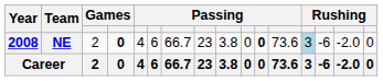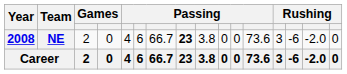 <table class="wikitable" style="text-align:center;">
 <tr>
 <th rowspan="2">Year</th>
 <th rowspan="2">Team</th>
 <th colspan="2">Games</th>
 <th colspan="8">Passing</th>
 <th colspan="4">Rushing</th>
 </tr>
 <tr>
 <th></th>
 <th></th>
 <th></th>
 <th></th>
 <th></th>
 <th></th>
 <th></th>
 <th></th>
 <th></th>
 <th></th>
 <th></th>
 <th></th>
 <th></th>
 <th></th>
 </tr>
 <tr>
 <th><a href='#'>2008</a></th>
 <th><a href='#'>NE</a></th>
 <td>2</td>
-<td><strong>0</strong></td>
+<td>0</td>
 <td>4</td>
 <td>6</td>
 <td>66.7</td>
-<td>23</td>
+<td><strong>23</strong></td>
 <td>3.8</td>
 <td>0</td>
-<td><strong>0</strong></td>
+<td>0</td>
 <td>73.6</td>
-<td style="background: lightblue;">3</td>
+<td>3</td>
 <td>-6</td>
 <td>-2.0</td>
 <td>0</td>
 </tr>
 <tr>
 <th colspan="2">Career</th>
 <th>2</th>
 <th>0</th>
 <th>4</th>
 <th>6</th>
 <th>66.7</th>
 <th>23</th>
 <th>3.8</th>
 <th>0</th>
 <th>0</th>
 <th>73.6</th>
 <th>3</th>
 <th>-6</th>
 <th>-2.0</th>
 <th>0</th>
 </tr>
 </table>
